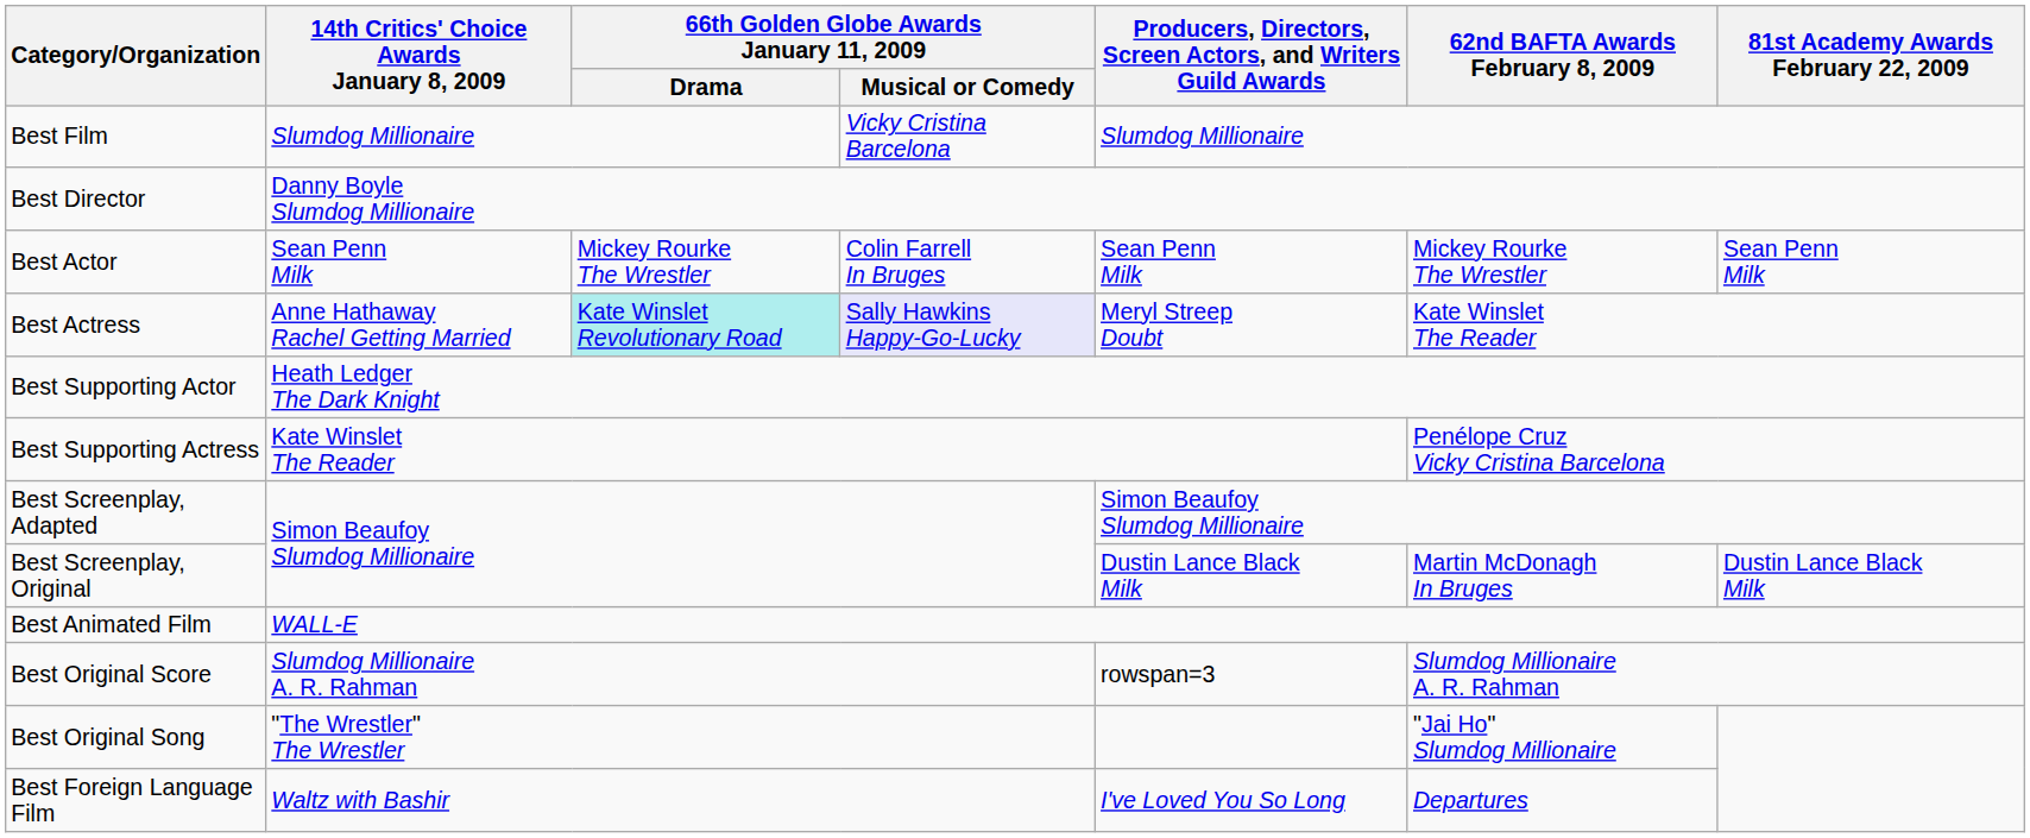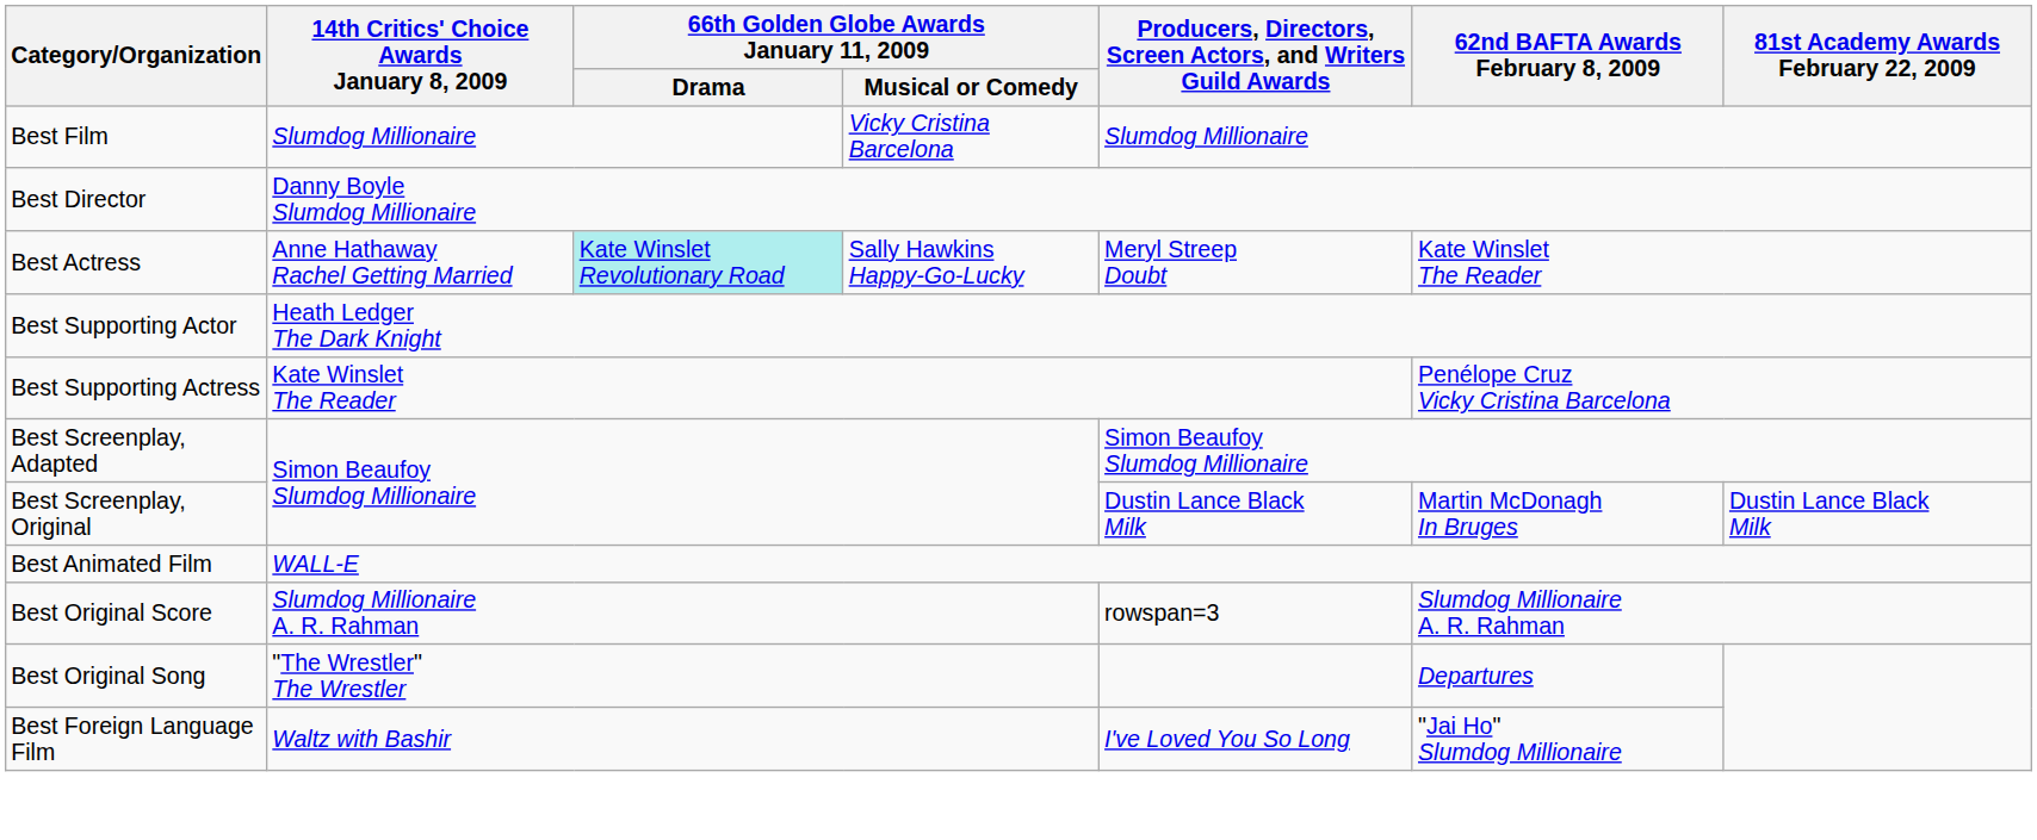 <table class="wikitable" style="font-size: 90%;">
 <tr>
 <th rowspan="2" style="width:20px;">Category/Organization</th>
 <th rowspan="2" style="width:250px;"><a href='#'>14th Critics' Choice Awards</a><br> January 8, 2009</th>
 <th colspan="2" style="width:250px;"><a href='#'>66th Golden Globe Awards</a><br>January 11, 2009</th>
 <th rowspan="2" style="width:250px;"><a href='#'>Producers</a>, <a href='#'>Directors</a>, <a href='#'>Screen Actors</a>, and <a href='#'>Writers Guild Awards</a></th>
 <th rowspan="2" style="width:250px;"><a href='#'>62nd BAFTA Awards</a><br>February 8, 2009</th>
 <th rowspan="2" style="width:250px;"><a href='#'>81st Academy Awards</a><br>February 22, 2009</th>
 </tr>
 <tr>
 <th width=200>Drama</th>
 <th style="width:200px;">Musical or Comedy</th>
 </tr>
 <tr>
 <td>Best Film</td>
 <td colspan="2"><em><a href='#'>Slumdog Millionaire</a></em></td>
 <td><em><a href='#'>Vicky Cristina Barcelona</a></em></td>
 <td colspan="3"><em><a href='#'>Slumdog Millionaire</a></em></td>
 </tr>
 <tr>
 <td>Best Director</td>
 <td colspan="6"><a href='#'>Danny Boyle</a><br><em><a href='#'>Slumdog Millionaire</a></em></td>
 </tr>
 <tr>
-<td>Best Actor</td>
-<td><a href='#'>Sean Penn</a><br><em><a href='#'>Milk</a></em></td>
-<td><a href='#'>Mickey Rourke</a><br><em><a href='#'>The Wrestler</a></em></td>
-<td><a href='#'>Colin Farrell</a><br><em><a href='#'>In Bruges</a></em></td>
-<td><a href='#'>Sean Penn</a><br><em><a href='#'>Milk</a></em></td>
-<td><a href='#'>Mickey Rourke</a><br><em><a href='#'>The Wrestler</a></em></td>
-<td><a href='#'>Sean Penn</a><br><em><a href='#'>Milk</a></em></td>
-</tr>
-<tr>
 <td>Best Actress</td>
 <td><a href='#'>Anne Hathaway</a><br><em><a href='#'>Rachel Getting Married</a></em><br></td>
 <td style="background: paleturquoise;"><a href='#'>Kate Winslet</a><br><em><a href='#'>Revolutionary Road</a></em></td>
-<td style="background: lavender;"><a href='#'>Sally Hawkins</a><br><em><a href='#'>Happy-Go-Lucky</a></em></td>
+<td><a href='#'>Sally Hawkins</a><br><em><a href='#'>Happy-Go-Lucky</a></em></td>
 <td><a href='#'>Meryl Streep</a><br><em><a href='#'>Doubt</a></em></td>
 <td colspan="2"><a href='#'>Kate Winslet</a><br><em><a href='#'>The Reader</a></em></td>
 </tr>
 <tr>
 <td>Best Supporting Actor</td>
 <td colspan="6"><a href='#'>Heath Ledger</a><br><em><a href='#'>The Dark Knight</a></em></td>
 </tr>
 <tr>
 <td>Best Supporting Actress</td>
 <td colspan="4"><a href='#'>Kate Winslet</a><br><em><a href='#'>The Reader</a></em></td>
 <td colspan="2"><a href='#'>Penélope Cruz</a><br><em><a href='#'>Vicky Cristina Barcelona</a></em></td>
 </tr>
 <tr>
 <td>Best Screenplay, Adapted</td>
 <td rowspan="2" colspan="3"><a href='#'>Simon Beaufoy</a><br><em><a href='#'>Slumdog Millionaire</a></em></td>
 <td colspan="3"><a href='#'>Simon Beaufoy</a><br><em><a href='#'>Slumdog Millionaire</a></em></td>
 </tr>
 <tr>
 <td>Best Screenplay, Original</td>
 <td><a href='#'>Dustin Lance Black</a><br><em><a href='#'>Milk</a></em></td>
 <td><a href='#'>Martin McDonagh</a><br><em><a href='#'>In Bruges</a></em></td>
 <td><a href='#'>Dustin Lance Black</a><br><em><a href='#'>Milk</a></em></td>
 </tr>
 <tr>
 <td>Best Animated Film</td>
 <td colspan="6"><em><a href='#'>WALL-E</a></em></td>
 </tr>
 <tr>
 <td>Best Original Score</td>
 <td colspan="3"><em><a href='#'>Slumdog Millionaire</a></em><br><a href='#'>A. R. Rahman</a></td>
 <td>rowspan=3 </td>
 <td colspan="2"><em><a href='#'>Slumdog Millionaire</a></em><br><a href='#'>A. R. Rahman</a></td>
 </tr>
 <tr>
 <td>Best Original Song</td>
 <td colspan="3">"<a href='#'>The Wrestler</a>"<br><em><a href='#'>The Wrestler</a></em></td>
 <td></td>
-<td>"<a href='#'>Jai Ho</a>"<br><em><a href='#'>Slumdog Millionaire</a></em></td>
+<td><em><a href='#'>Departures</a></em></td>
 </tr>
 <tr>
 <td>Best Foreign Language Film</td>
 <td colspan="3"><em><a href='#'>Waltz with Bashir</a></em></td>
 <td><em><a href='#'>I've Loved You So Long</a></em></td>
-<td><em><a href='#'>Departures</a></em></td>
+<td>"<a href='#'>Jai Ho</a>"<br><em><a href='#'>Slumdog Millionaire</a></em></td>
 </tr>
 </table>
